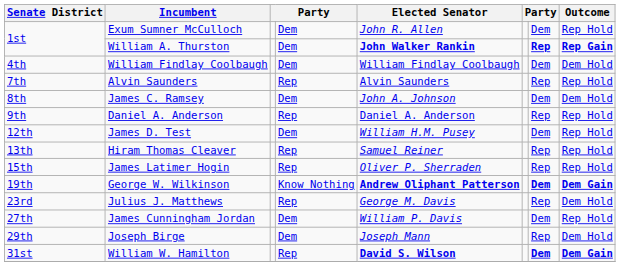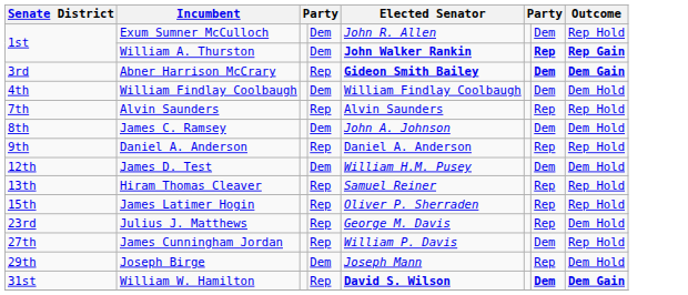 <table class="sortable wikitable" style="font-size:95%;line-height:14px;">
 <tr>
 <th class="sortable"><a href='#'>Senate</a> District</th>
 <th class="sortable"><a href='#'>Incumbent</a></th>
 <th colspan="2">Party</th>
 <th class="sortable">Elected Senator</th>
 <th colspan="2">Party</th>
 <th class="sortable">Outcome</th>
 </tr>
 <tr>
 <td rowspan="2"><a href='#'>1st</a></td>
 <td><a href='#'>Exum Sumner McCulloch</a></td>
 <td style="background:"></td>
 <td><a href='#'>Dem</a></td>
 <td><em><a href='#'>John R. Allen</a></em></td>
 <td style="background:"></td>
 <td><a href='#'>Dem</a></td>
 <td><a href='#'>Rep Hold</a></td>
 </tr>
 <tr>
 <td><a href='#'>William A. Thurston</a></td>
 <td style="background:"></td>
 <td><a href='#'>Dem</a></td>
 <td><strong><a href='#'>John Walker Rankin</a></strong></td>
 <td style="background:"></td>
 <td><strong><a href='#'>Rep</a></strong></td>
 <td><strong><a href='#'>Rep Gain</a></strong></td>
+</tr>
+<tr>
+<td><a href='#'>3rd</a></td>
+<td><a href='#'>Abner Harrison McCrary</a></td>
+<td style="background:"></td>
+<td><a href='#'>Rep</a></td>
+<td><strong><a href='#'>Gideon Smith Bailey</a></strong></td>
+<td style="background:"></td>
+<td><strong><a href='#'>Dem</a></strong></td>
+<td><strong><a href='#'>Dem Gain</a></strong></td>
 </tr>
 <tr>
 <td><a href='#'>4th</a></td>
 <td><a href='#'>William Findlay Coolbaugh</a></td>
 <td style="background:"></td>
 <td><a href='#'>Dem</a></td>
 <td><a href='#'>William Findlay Coolbaugh</a></td>
 <td style="background:"></td>
 <td><a href='#'>Dem</a></td>
 <td><a href='#'>Dem Hold</a></td>
 </tr>
 <tr>
 <td><a href='#'>7th</a></td>
 <td><a href='#'>Alvin Saunders</a></td>
 <td style="background:"></td>
 <td><a href='#'>Rep</a></td>
 <td><a href='#'>Alvin Saunders</a></td>
 <td style="background:"></td>
 <td><a href='#'>Rep</a></td>
 <td><a href='#'>Rep Hold</a></td>
 </tr>
 <tr>
 <td><a href='#'>8th</a></td>
 <td><a href='#'>James C. Ramsey</a></td>
 <td style="background:"></td>
 <td><a href='#'>Dem</a></td>
 <td><em><a href='#'>John A. Johnson</a></em></td>
 <td style="background:"></td>
 <td><a href='#'>Dem</a></td>
 <td><a href='#'>Dem Hold</a></td>
 </tr>
 <tr>
 <td><a href='#'>9th</a></td>
 <td><a href='#'>Daniel A. Anderson</a></td>
 <td style="background:"></td>
 <td><a href='#'>Rep</a></td>
 <td><a href='#'>Daniel A. Anderson</a></td>
 <td style="background:"></td>
 <td><a href='#'>Rep</a></td>
 <td><a href='#'>Rep Hold</a></td>
 </tr>
 <tr>
 <td><a href='#'>12th</a></td>
 <td><a href='#'>James D. Test</a></td>
 <td style="background:"></td>
 <td><a href='#'>Dem</a></td>
 <td><em><a href='#'>William H.M. Pusey</a></em></td>
 <td style="background:"></td>
 <td><a href='#'>Dem</a></td>
-<td><a href='#'>Rep Hold</a></td>
+<td><a href='#'>Dem Hold</a></td>
 </tr>
 <tr>
 <td><a href='#'>13th</a></td>
 <td><a href='#'>Hiram Thomas Cleaver</a></td>
 <td style="background:"></td>
 <td><a href='#'>Rep</a></td>
 <td><em><a href='#'>Samuel Reiner</a></em></td>
 <td style="background:"></td>
 <td><a href='#'>Rep</a></td>
 <td><a href='#'>Rep Hold</a></td>
 </tr>
 <tr>
 <td><a href='#'>15th</a></td>
 <td><a href='#'>James Latimer Hogin</a></td>
 <td style="background:"></td>
 <td><a href='#'>Rep</a></td>
 <td><em><a href='#'>Oliver P. Sherraden</a></em></td>
 <td style="background:"></td>
 <td><a href='#'>Rep</a></td>
 <td><a href='#'>Rep Hold</a></td>
 </tr>
 <tr>
-<td><a href='#'>19th</a></td>
-<td><a href='#'>George W. Wilkinson</a></td>
-<td style="background:"></td>
-<td><a href='#'>Know Nothing</a></td>
-<td><strong><a href='#'>Andrew Oliphant Patterson</a></strong></td>
-<td style="background:"></td>
-<td><strong><a href='#'>Dem</a></strong></td>
-<td><strong><a href='#'>Dem Gain</a></strong></td>
-</tr>
-<tr>
 <td><a href='#'>23rd</a></td>
 <td><a href='#'>Julius J. Matthews</a></td>
 <td style="background:"></td>
 <td><a href='#'>Rep</a></td>
 <td><em><a href='#'>George M. Davis</a></em></td>
 <td style="background:"></td>
 <td><a href='#'>Rep</a></td>
 <td><a href='#'>Dem Hold</a></td>
 </tr>
 <tr>
 <td><a href='#'>27th</a></td>
 <td><a href='#'>James Cunningham Jordan</a></td>
 <td style="background:"></td>
-<td><a href='#'>Dem</a></td>
+<td><a href='#'>Rep</a></td>
 <td><em><a href='#'>William P. Davis</a></em></td>
 <td style="background:"></td>
 <td><a href='#'>Dem</a></td>
 <td><a href='#'>Rep Hold</a></td>
 </tr>
 <tr>
 <td><a href='#'>29th</a></td>
 <td><a href='#'>Joseph Birge</a></td>
 <td style="background:"></td>
 <td><a href='#'>Dem</a></td>
 <td><em><a href='#'>Joseph Mann</a></em></td>
 <td style="background:"></td>
 <td><a href='#'>Rep</a></td>
 <td><a href='#'>Dem Hold</a></td>
 </tr>
 <tr>
 <td><a href='#'>31st</a></td>
 <td><a href='#'>William W. Hamilton</a></td>
 <td style="background:"></td>
 <td><a href='#'>Rep</a></td>
 <td><strong><a href='#'>David S. Wilson</a></strong></td>
 <td style="background:"></td>
 <td><strong><a href='#'>Dem</a></strong></td>
 <td><strong><a href='#'>Dem Gain</a></strong></td>
 </tr>
 <tr>
 </tr>
 </table>
